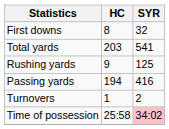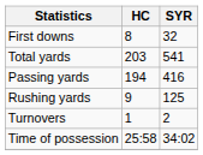 <table class="wikitable" style="float: left;">
 <tr>
 <th>Statistics</th>
 <th>HC</th>
 <th>SYR</th>
 </tr>
 <tr>
 <td>First downs</td>
 <td>8</td>
 <td>32</td>
 </tr>
 <tr>
 <td>Total yards</td>
 <td>203</td>
 <td>541</td>
 </tr>
 <tr>
+<td>Passing yards</td>
+<td>194</td>
+<td>416</td>
+</tr>
+<tr>
 <td>Rushing yards</td>
 <td>9</td>
 <td>125</td>
-</tr>
-<tr>
-<td>Passing yards</td>
-<td>194</td>
-<td>416</td>
 </tr>
 <tr>
 <td>Turnovers</td>
 <td>1</td>
 <td>2</td>
 </tr>
 <tr>
 <td>Time of possession</td>
 <td>25:58</td>
-<td style="background: pink;">34:02</td>
+<td>34:02</td>
 </tr>
 <tr>
 </tr>
 </table>
